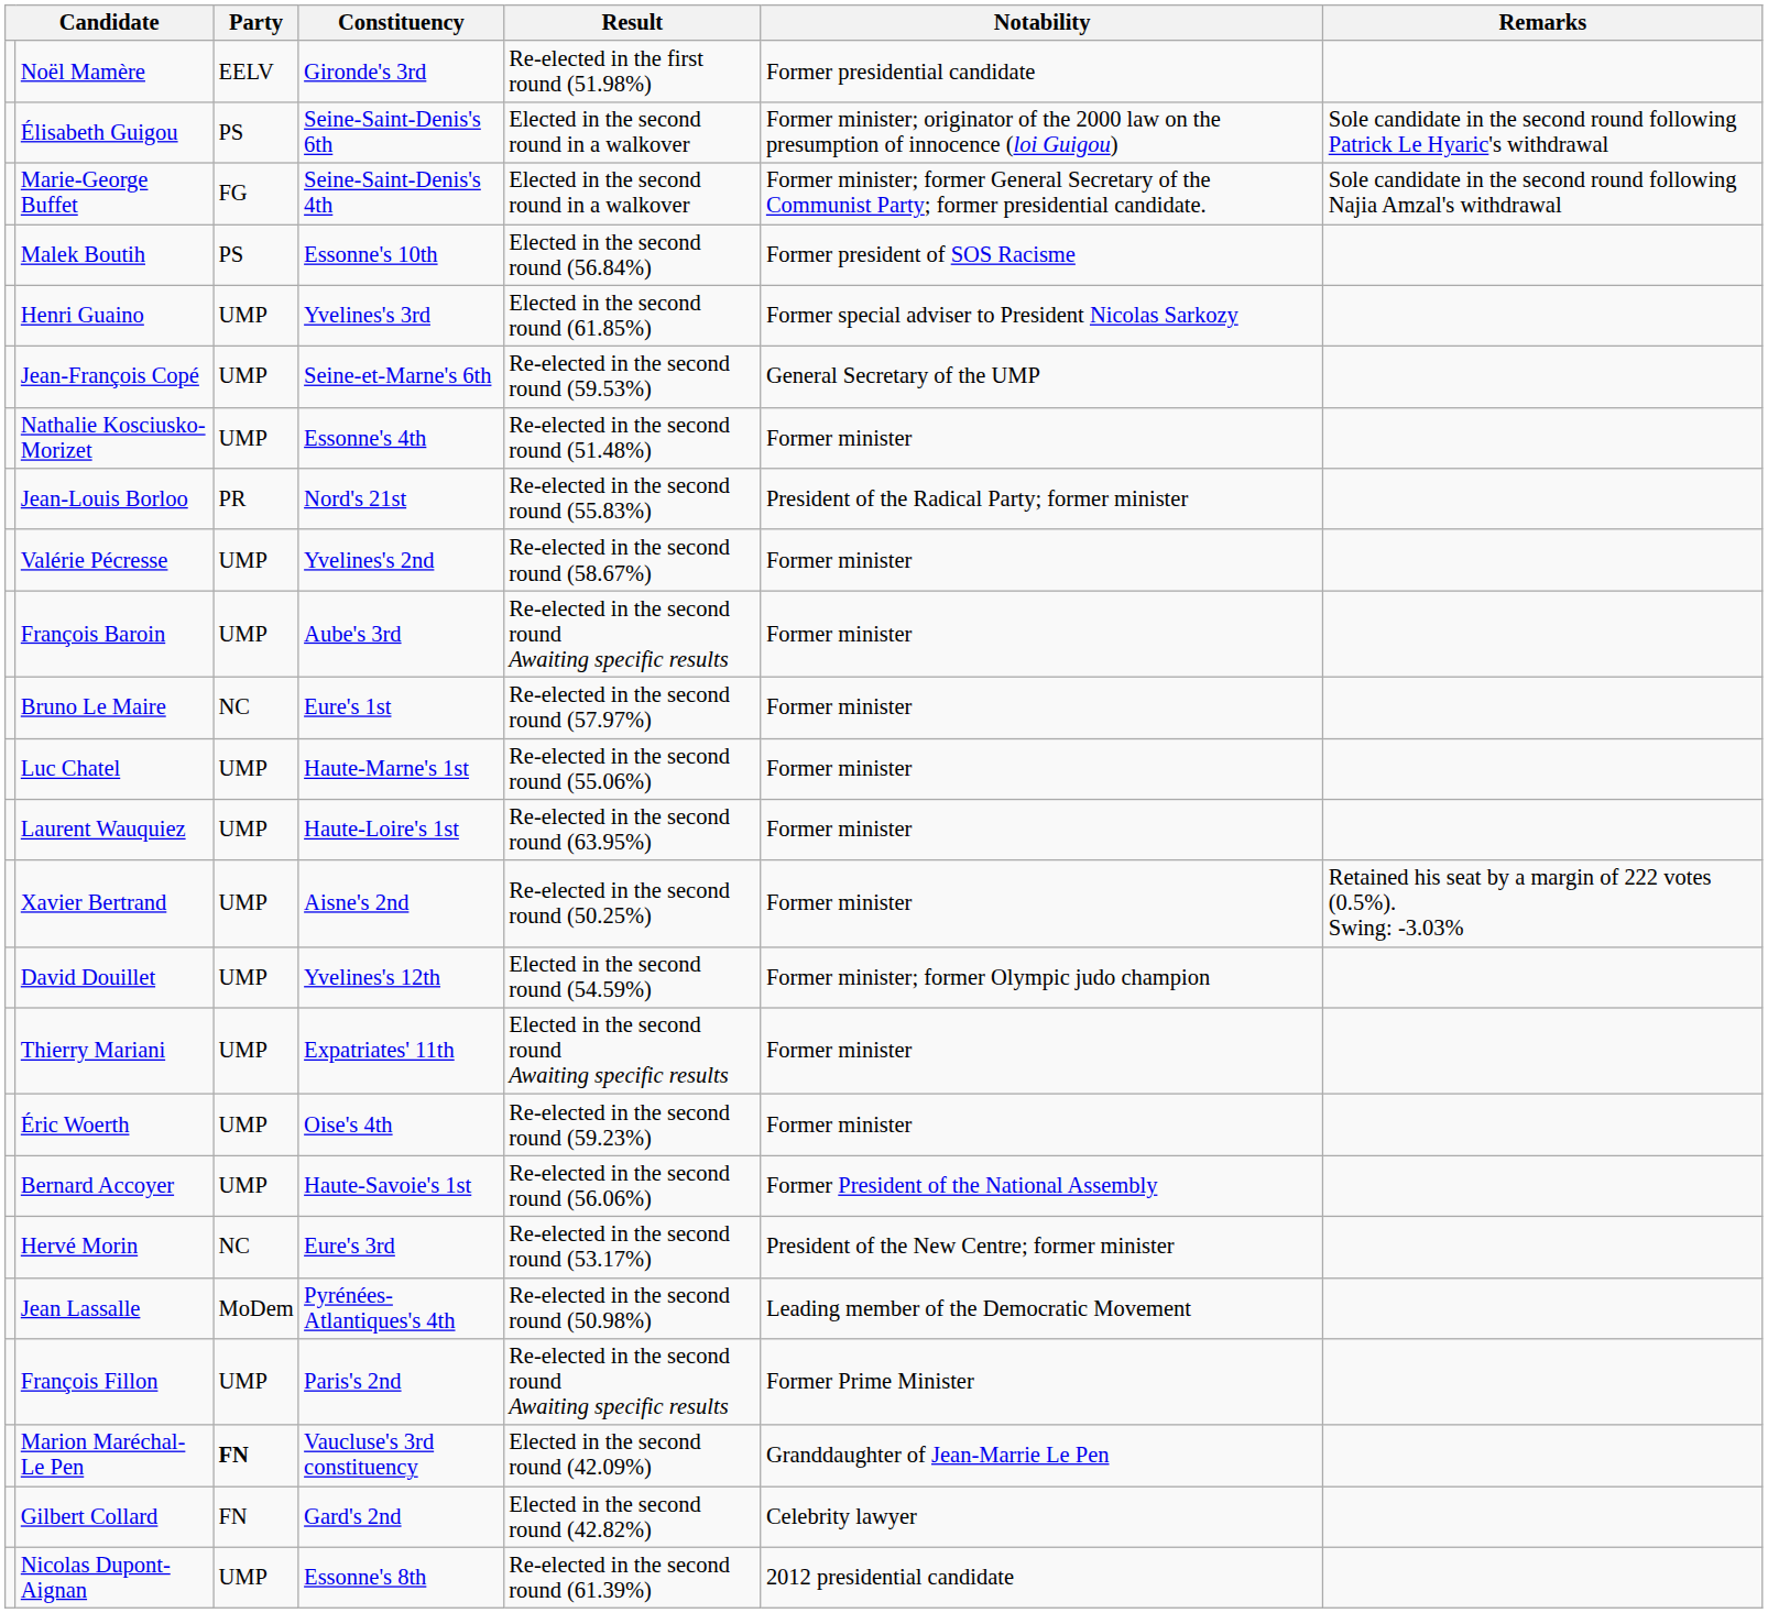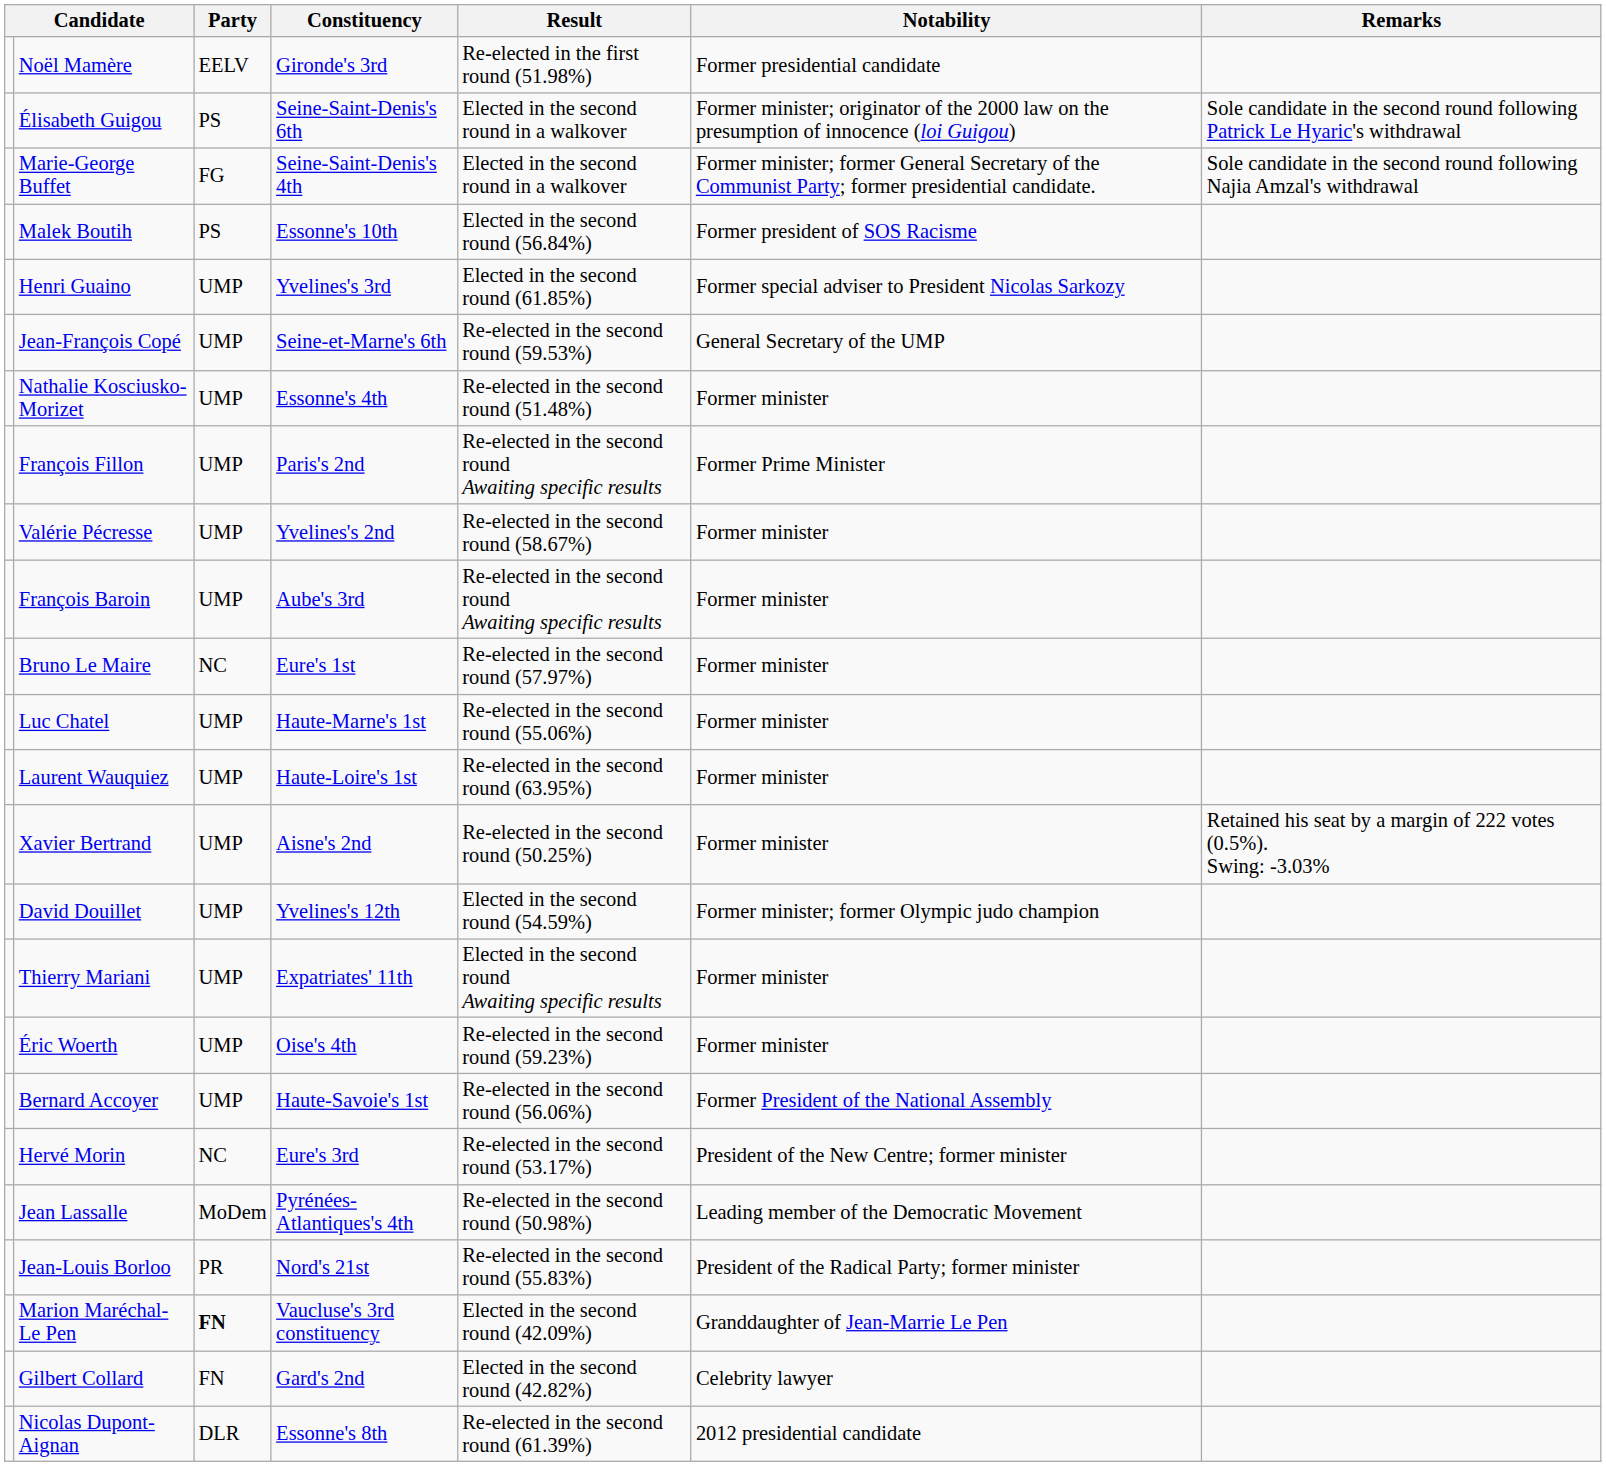 <table class="wikitable">
 <tr>
 <th colspan="2">Candidate</th>
 <th>Party</th>
 <th>Constituency</th>
 <th>Result</th>
 <th>Notability</th>
 <th>Remarks</th>
 </tr>
 <tr>
 <td style="background-color: "></td>
 <td><a href='#'>Noël Mamère</a></td>
 <td>EELV</td>
 <td><a href='#'>Gironde's 3rd</a></td>
 <td>Re-elected in the first round (51.98%)</td>
 <td>Former presidential candidate</td>
 <td></td>
 </tr>
 <tr>
 <td style="background-color: "></td>
 <td><a href='#'>Élisabeth Guigou</a></td>
 <td>PS</td>
 <td><a href='#'>Seine-Saint-Denis's 6th</a></td>
 <td>Elected in the second round in a walkover</td>
 <td>Former minister; originator of the 2000 law on the presumption of innocence (<em><a href='#'>loi Guigou</a></em>)</td>
 <td>Sole candidate in the second round following <a href='#'>Patrick Le Hyaric</a>'s withdrawal</td>
 </tr>
 <tr>
 <td style="background-color: "></td>
 <td><a href='#'>Marie-George Buffet</a></td>
 <td>FG</td>
 <td><a href='#'>Seine-Saint-Denis's 4th</a></td>
 <td>Elected in the second round in a walkover</td>
 <td>Former minister; former General Secretary of the <a href='#'>Communist Party</a>; former presidential candidate.</td>
 <td>Sole candidate in the second round following Najia Amzal's withdrawal</td>
 </tr>
 <tr>
 <td style="background-color: "></td>
 <td><a href='#'>Malek Boutih</a></td>
 <td>PS</td>
 <td><a href='#'>Essonne's 10th</a></td>
 <td>Elected in the second round (56.84%)</td>
 <td>Former president of <a href='#'>SOS Racisme</a></td>
 <td></td>
 </tr>
 <tr>
 <td style="background-color: "></td>
 <td><a href='#'>Henri Guaino</a></td>
 <td>UMP</td>
 <td><a href='#'>Yvelines's 3rd</a></td>
 <td>Elected in the second round (61.85%)</td>
 <td>Former special adviser to President <a href='#'>Nicolas Sarkozy</a></td>
 <td></td>
 </tr>
 <tr>
 <td style="background-color: "></td>
 <td><a href='#'>Jean-François Copé</a></td>
 <td>UMP</td>
 <td><a href='#'>Seine-et-Marne's 6th</a></td>
 <td>Re-elected in the second round (59.53%)</td>
 <td>General Secretary of the UMP</td>
 <td></td>
 </tr>
 <tr>
 <td style="background-color: "></td>
 <td><a href='#'>Nathalie Kosciusko-Morizet</a></td>
 <td>UMP</td>
 <td><a href='#'>Essonne's 4th</a></td>
 <td>Re-elected in the second round (51.48%)</td>
 <td>Former minister</td>
 <td></td>
 </tr>
 <tr>
 <td style="background-color: "></td>
-<td><a href='#'>Jean-Louis Borloo</a></td>
-<td>PR</td>
-<td><a href='#'>Nord's 21st</a></td>
-<td>Re-elected in the second round (55.83%)</td>
-<td>President of the Radical Party; former minister</td>
+<td><a href='#'>François Fillon</a></td>
+<td>UMP</td>
+<td><a href='#'>Paris's 2nd</a></td>
+<td>Re-elected in the second round<br><em>Awaiting specific results</em></td>
+<td>Former Prime Minister</td>
 <td></td>
 </tr>
 <tr>
 <td style="background-color: "></td>
 <td><a href='#'>Valérie Pécresse</a></td>
 <td>UMP</td>
 <td><a href='#'>Yvelines's 2nd</a></td>
 <td>Re-elected in the second round (58.67%)</td>
 <td>Former minister</td>
 <td></td>
 </tr>
 <tr>
 <td style="background-color: "></td>
 <td><a href='#'>François Baroin</a></td>
 <td>UMP</td>
 <td><a href='#'>Aube's 3rd</a></td>
 <td>Re-elected in the second round<br><em>Awaiting specific results</em></td>
 <td>Former minister</td>
 <td></td>
 </tr>
 <tr>
 <td style="background-color: "></td>
 <td><a href='#'>Bruno Le Maire</a></td>
 <td>NC</td>
 <td><a href='#'>Eure's 1st</a></td>
 <td>Re-elected in the second round (57.97%)</td>
 <td>Former minister</td>
 <td></td>
 </tr>
 <tr>
 <td style="background-color: "></td>
 <td><a href='#'>Luc Chatel</a></td>
 <td>UMP</td>
 <td><a href='#'>Haute-Marne's 1st</a></td>
 <td>Re-elected in the second round (55.06%)</td>
 <td>Former minister</td>
 <td></td>
 </tr>
 <tr>
 <td style="background-color: "></td>
 <td><a href='#'>Laurent Wauquiez</a></td>
 <td>UMP</td>
 <td><a href='#'>Haute-Loire's 1st</a></td>
 <td>Re-elected in the second round (63.95%)</td>
 <td>Former minister</td>
 <td></td>
 </tr>
 <tr>
 <td style="background-color: "></td>
 <td><a href='#'>Xavier Bertrand</a></td>
 <td>UMP</td>
 <td><a href='#'>Aisne's 2nd</a></td>
 <td>Re-elected in the second round (50.25%)</td>
 <td>Former minister</td>
 <td>Retained his seat by a margin of 222 votes (0.5%).<br>Swing: -3.03%</td>
 </tr>
 <tr>
 <td style="background-color: "></td>
 <td><a href='#'>David Douillet</a></td>
 <td>UMP</td>
 <td><a href='#'>Yvelines's 12th</a></td>
 <td>Elected in the second round (54.59%)</td>
 <td>Former minister; former Olympic judo champion</td>
 <td></td>
 </tr>
 <tr>
 <td style="background-color: "></td>
 <td><a href='#'>Thierry Mariani</a></td>
 <td>UMP</td>
 <td><a href='#'>Expatriates' 11th</a></td>
 <td>Elected in the second round<br><em>Awaiting specific results</em></td>
 <td>Former minister</td>
 <td></td>
 </tr>
 <tr>
 <td style="background-color: "></td>
 <td><a href='#'>Éric Woerth</a></td>
 <td>UMP</td>
 <td><a href='#'>Oise's 4th</a></td>
 <td>Re-elected in the second round (59.23%)</td>
 <td>Former minister</td>
 <td></td>
 </tr>
 <tr>
 <td style="background-color: "></td>
 <td><a href='#'>Bernard Accoyer</a></td>
 <td>UMP</td>
 <td><a href='#'>Haute-Savoie's 1st</a></td>
 <td>Re-elected in the second round (56.06%)</td>
 <td>Former <a href='#'>President of the National Assembly</a></td>
 <td></td>
 </tr>
 <tr>
 <td style="background-color: "></td>
 <td><a href='#'>Hervé Morin</a></td>
 <td>NC</td>
 <td><a href='#'>Eure's 3rd</a></td>
 <td>Re-elected in the second round (53.17%)</td>
 <td>President of the New Centre; former minister</td>
 <td></td>
 </tr>
 <tr>
 <td style="background-color: "></td>
 <td><a href='#'>Jean Lassalle</a></td>
 <td>MoDem</td>
 <td><a href='#'>Pyrénées-Atlantiques's 4th</a></td>
 <td>Re-elected in the second round (50.98%)</td>
 <td>Leading member of the Democratic Movement</td>
 <td></td>
 </tr>
 <tr>
 <td style="background-color: "></td>
-<td><a href='#'>François Fillon</a></td>
-<td>UMP</td>
-<td><a href='#'>Paris's 2nd</a></td>
-<td>Re-elected in the second round<br><em>Awaiting specific results</em></td>
-<td>Former Prime Minister</td>
+<td><a href='#'>Jean-Louis Borloo</a></td>
+<td>PR</td>
+<td><a href='#'>Nord's 21st</a></td>
+<td>Re-elected in the second round (55.83%)</td>
+<td>President of the Radical Party; former minister</td>
 <td></td>
 </tr>
 <tr>
 <td style="background-color: "></td>
 <td><a href='#'>Marion Maréchal-Le Pen</a></td>
 <td><strong>FN</strong></td>
 <td><a href='#'>Vaucluse's 3rd constituency</a></td>
 <td>Elected in the second round (42.09%)</td>
 <td>Granddaughter of <a href='#'>Jean-Marrie Le Pen</a></td>
 <td></td>
 </tr>
 <tr>
 <td style="background-color: "></td>
 <td><a href='#'>Gilbert Collard</a></td>
 <td>FN</td>
 <td><a href='#'>Gard's 2nd</a></td>
 <td>Elected in the second round (42.82%)</td>
 <td>Celebrity lawyer</td>
 <td></td>
 </tr>
 <tr>
 <td style="background-color: "></td>
 <td><a href='#'>Nicolas Dupont-Aignan</a></td>
-<td>UMP</td>
+<td>DLR</td>
 <td><a href='#'>Essonne's 8th</a></td>
 <td>Re-elected in the second round (61.39%)</td>
 <td>2012 presidential candidate</td>
 <td></td>
 </tr>
 </table>
